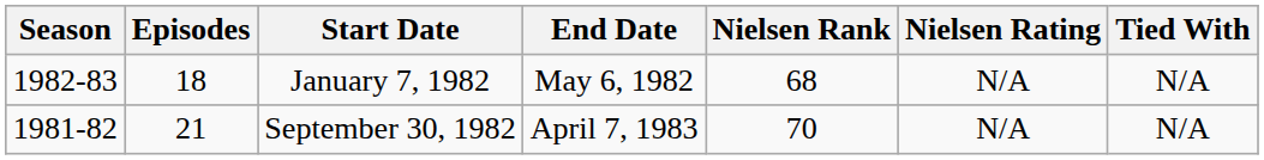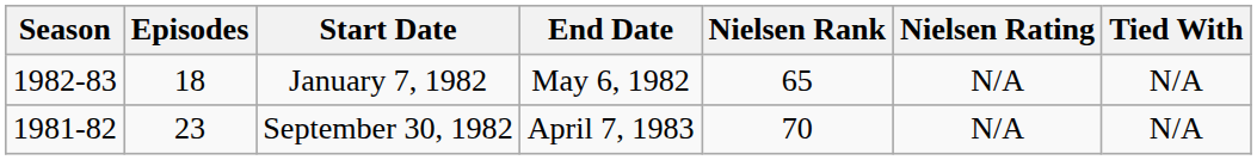 <table class="wikitable" style="text-align: center">
 <tr>
 <th>Season</th>
 <th>Episodes</th>
 <th>Start Date</th>
 <th>End Date</th>
 <th>Nielsen Rank</th>
 <th>Nielsen Rating</th>
 <th>Tied With</th>
 </tr>
 <tr>
 <td style="text-align:center">1982-83</td>
 <td style="text-align:center">18</td>
 <td style="text-align:center">January 7, 1982</td>
 <td style="text-align:center">May 6, 1982</td>
-<td style="text-align:center:">68</td>
+<td style="text-align:center:">65</td>
 <td style="text-align:center">N/A</td>
 <td style="text-align:center">N/A</td>
 </tr>
 <tr>
 <td style="text-align:center">1981-82</td>
-<td style="text-align:center">21</td>
+<td style="text-align:center">23</td>
 <td style="text-align:center">September 30, 1982</td>
 <td style="text-align:center">April 7, 1983</td>
 <td style="text-align:center:">70</td>
 <td style="text-align:center">N/A</td>
 <td style="text-align:center">N/A</td>
 </tr>
 </table>
